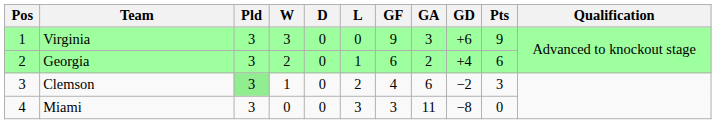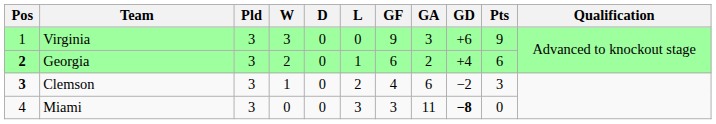 <table class="wikitable" style="text-align:center; margin: 1em auto">
 <tr>
 <th style="width:2em">Pos</th>
 <th style="width:13em">Team</th>
 <th style="width:2em">Pld</th>
 <th style="width:2em">W</th>
 <th style="width:2em">D</th>
 <th style="width:2em">L</th>
 <th style="width:2em">GF</th>
 <th style="width:2em">GA</th>
 <th style="width:2em">GD</th>
 <th style="width:2em">Pts</th>
 <th style="width:13em">Qualification</th>
 </tr>
 <tr bgcolor="#9eff9e">
 <td>1</td>
 <td style="text-align:left">Virginia</td>
 <td>3</td>
 <td>3</td>
 <td>0</td>
 <td>0</td>
 <td>9</td>
 <td>3</td>
 <td>+6</td>
 <td>9</td>
 <td rowspan="2">Advanced to knockout stage</td>
 </tr>
 <tr bgcolor="#9eff9e">
-<td>2</td>
+<td><strong>2</strong></td>
 <td style="text-align:left">Georgia</td>
 <td>3</td>
 <td>2</td>
 <td>0</td>
 <td>1</td>
 <td>6</td>
 <td>2</td>
 <td>+4</td>
 <td>6</td>
 </tr>
 <tr>
+<td><strong>3</strong></td>
+<td style="text-align:left">Clemson</td>
 <td>3</td>
-<td style="text-align:left">Clemson</td>
-<td style="background: lightgreen;">3</td>
 <td>1</td>
 <td>0</td>
 <td>2</td>
 <td>4</td>
 <td>6</td>
 <td>−2</td>
 <td>3</td>
 <td rowspan="2"></td>
 </tr>
 <tr>
 <td>4</td>
 <td style="text-align:left">Miami</td>
 <td>3</td>
 <td>0</td>
 <td>0</td>
 <td>3</td>
 <td>3</td>
 <td>11</td>
-<td>−8</td>
+<td><strong>−8</strong></td>
 <td>0</td>
 </tr>
 </table>
